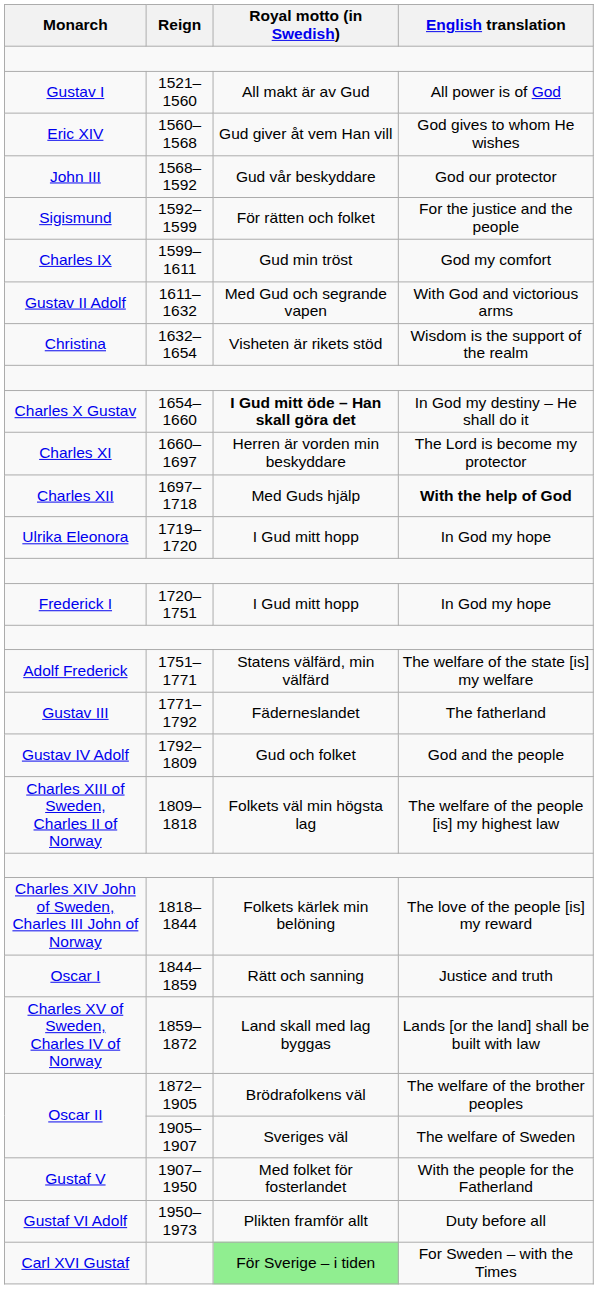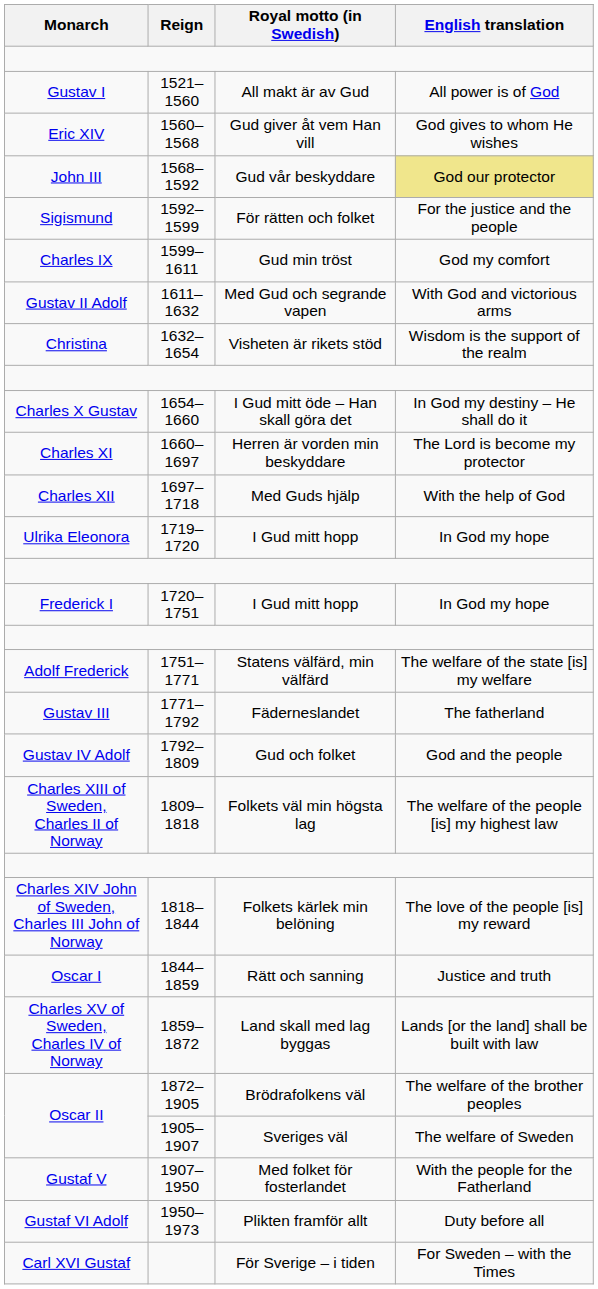 <table class="wikitable" style="text-align:center;">
 <tr>
 <th>Monarch</th>
 <th>Reign</th>
 <th>Royal motto (in <a href='#'>Swedish</a>)</th>
 <th><a href='#'>English</a> translation</th>
 </tr>
 <tr>
 <td colspan=4><br></td>
 </tr>
 <tr>
 <td><a href='#'>Gustav I</a></td>
 <td>1521–1560</td>
 <td>All makt är av Gud</td>
 <td>All power is of <a href='#'>God</a></td>
 </tr>
 <tr>
 <td><a href='#'>Eric XIV</a></td>
 <td>1560–1568</td>
 <td>Gud giver åt vem Han vill</td>
 <td>God gives to whom He wishes</td>
 </tr>
 <tr>
 <td><a href='#'>John III</a></td>
 <td>1568–1592</td>
 <td>Gud vår beskyddare</td>
-<td>God our protector</td>
+<td style="background: khaki;">God our protector</td>
 </tr>
 <tr>
 <td><a href='#'>Sigismund</a></td>
 <td>1592–1599</td>
 <td>För rätten och folket</td>
 <td>For the justice and the people</td>
 </tr>
 <tr>
 <td><a href='#'>Charles IX</a></td>
 <td>1599–1611</td>
 <td>Gud min tröst</td>
 <td>God my comfort</td>
 </tr>
 <tr>
 <td><a href='#'>Gustav II Adolf</a></td>
 <td>1611–1632</td>
 <td>Med Gud och segrande vapen</td>
 <td>With God and victorious arms</td>
 </tr>
 <tr>
 <td><a href='#'>Christina</a></td>
 <td>1632–1654</td>
 <td>Visheten är rikets stöd</td>
 <td>Wisdom is the support of the realm</td>
 </tr>
 <tr>
 <td colspan=4><br></td>
 </tr>
 <tr>
 <td><a href='#'>Charles X Gustav</a></td>
 <td>1654–1660</td>
-<td><strong>I Gud mitt öde – Han skall göra det</strong></td>
+<td>I Gud mitt öde – Han skall göra det</td>
 <td>In God my destiny – He shall do it</td>
 </tr>
 <tr>
 <td><a href='#'>Charles XI</a></td>
 <td>1660–1697</td>
 <td>Herren är vorden min beskyddare</td>
 <td>The Lord is become my protector</td>
 </tr>
 <tr>
 <td><a href='#'>Charles XII</a></td>
 <td>1697–1718</td>
 <td>Med Guds hjälp</td>
-<td><strong>With the help of God</strong></td>
+<td>With the help of God</td>
 </tr>
 <tr>
 <td><a href='#'>Ulrika Eleonora</a></td>
 <td>1719–1720</td>
 <td>I Gud mitt hopp</td>
 <td>In God my hope</td>
 </tr>
 <tr>
 <td colspan=4><br></td>
 </tr>
 <tr>
 <td><a href='#'>Frederick I</a></td>
 <td>1720–1751</td>
 <td>I Gud mitt hopp</td>
 <td>In God my hope</td>
 </tr>
 <tr>
 <td colspan=4><br></td>
 </tr>
 <tr>
 <td><a href='#'>Adolf Frederick</a></td>
 <td>1751–1771</td>
 <td>Statens välfärd, min välfärd</td>
 <td>The welfare of the state [is] my welfare</td>
 </tr>
 <tr>
 <td><a href='#'>Gustav III</a></td>
 <td>1771–1792</td>
 <td>Fäderneslandet</td>
 <td>The fatherland</td>
 </tr>
 <tr>
 <td><a href='#'>Gustav IV Adolf</a></td>
 <td>1792–1809</td>
 <td>Gud och folket</td>
 <td>God and the people</td>
 </tr>
 <tr>
 <td><a href='#'>Charles XIII of Sweden,<br>Charles II of Norway</a></td>
 <td>1809–1818</td>
 <td>Folkets väl min högsta lag</td>
 <td>The welfare of the people [is] my highest law </td>
 </tr>
 <tr>
 <td colspan=4><br></td>
 </tr>
 <tr>
 <td><a href='#'>Charles XIV John of Sweden,<br>Charles III John of Norway</a></td>
 <td>1818–1844</td>
 <td>Folkets kärlek min belöning</td>
 <td>The love of the people [is] my reward</td>
 </tr>
 <tr>
 <td><a href='#'>Oscar I</a></td>
 <td>1844–1859</td>
 <td>Rätt och sanning</td>
 <td>Justice and truth</td>
 </tr>
 <tr>
 <td><a href='#'>Charles XV of Sweden,<br>Charles IV of Norway</a></td>
 <td>1859–1872</td>
 <td>Land skall med lag byggas</td>
 <td>Lands [or the land] shall be built with law</td>
 </tr>
 <tr>
 <td rowspan=2 valign=middle><a href='#'>Oscar II</a></td>
 <td>1872–1905</td>
 <td>Brödrafolkens väl</td>
 <td>The welfare of the brother peoples</td>
 </tr>
 <tr>
 <td>1905–1907</td>
 <td>Sveriges väl</td>
 <td>The welfare of Sweden</td>
 </tr>
 <tr>
 <td><a href='#'>Gustaf V</a></td>
 <td>1907–1950</td>
 <td>Med folket för fosterlandet</td>
 <td>With the people for the Fatherland</td>
 </tr>
 <tr>
 <td><a href='#'>Gustaf VI Adolf</a></td>
 <td>1950–1973</td>
 <td>Plikten framför allt</td>
 <td>Duty before all</td>
 </tr>
 <tr>
 <td><a href='#'>Carl XVI Gustaf</a></td>
 <td></td>
-<td style="background: lightgreen;">För Sverige – i tiden</td>
+<td>För Sverige – i tiden</td>
 <td>For Sweden – with the Times</td>
 </tr>
 </table>
